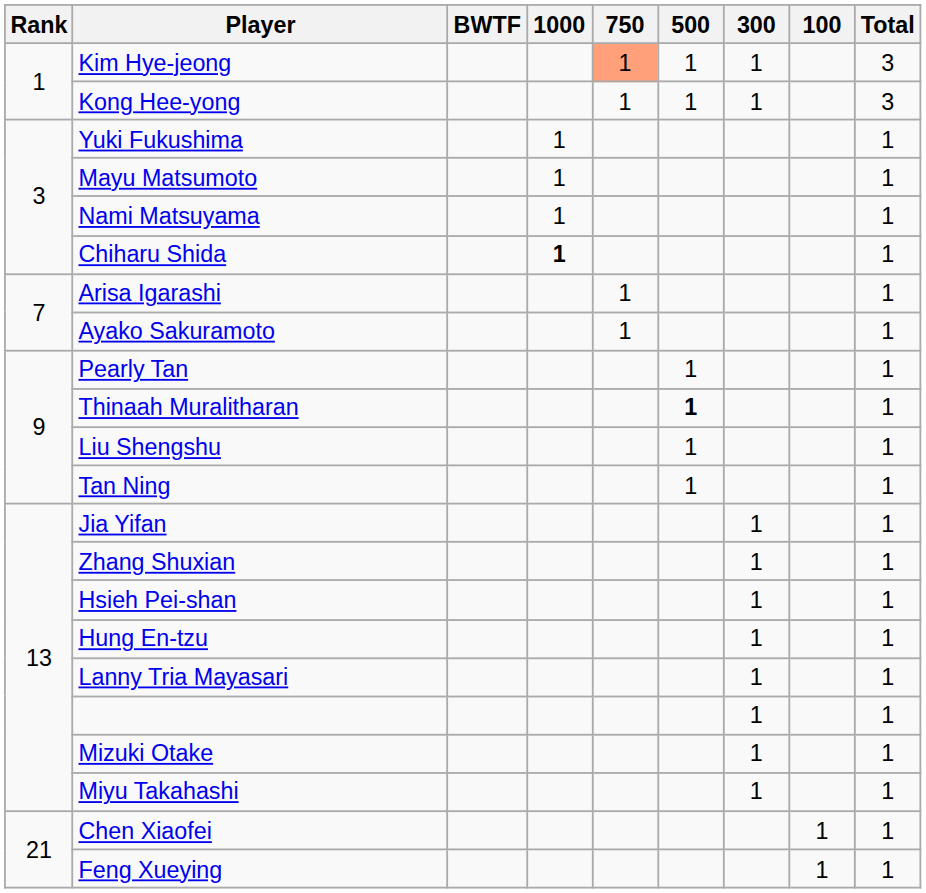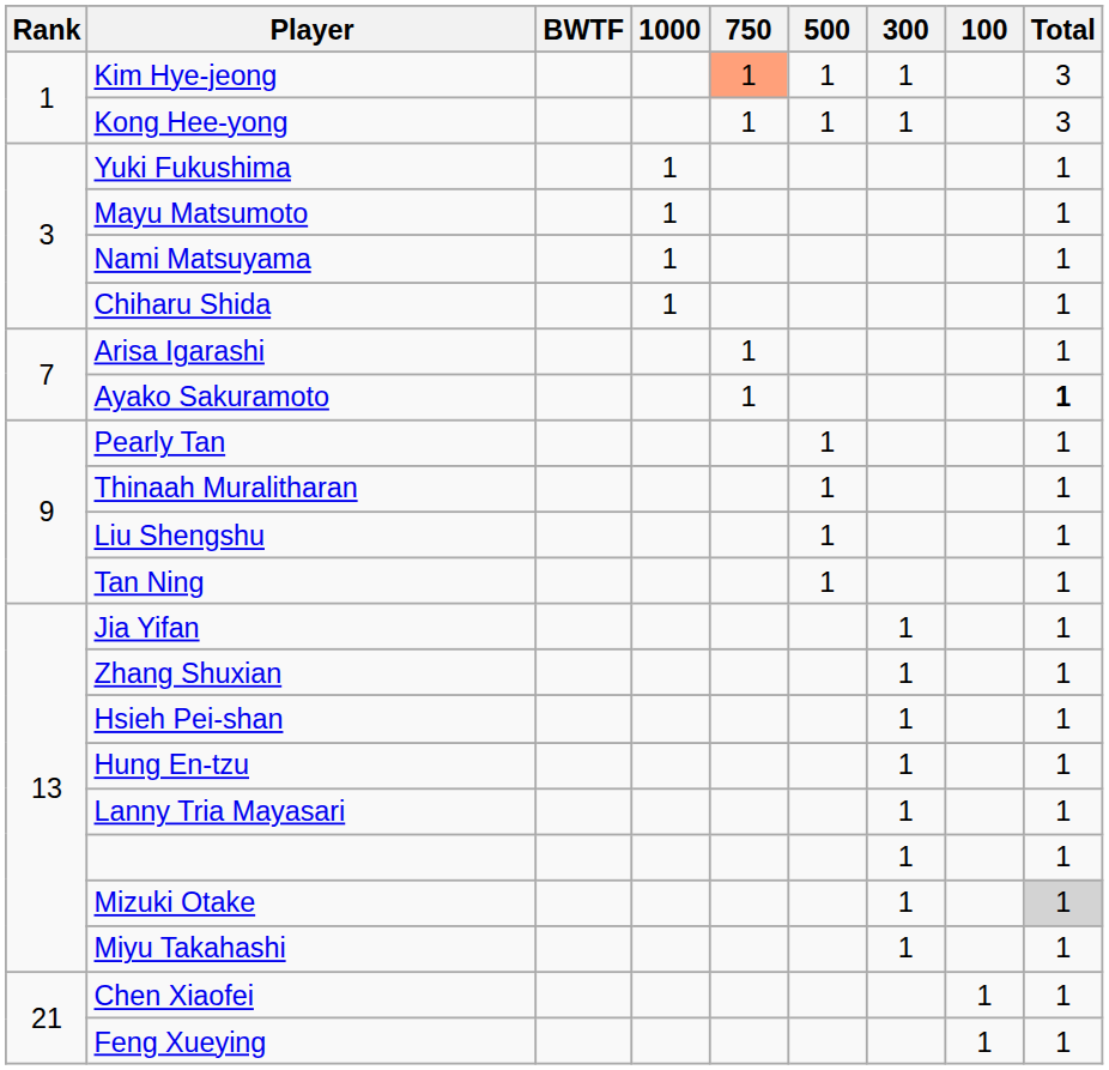 <table class="wikitable" style="font-size:80%; text-align:center">
 <tr>
 <th width="30">Rank</th>
 <th width="200">Player</th>
 <th width="30">BWTF</th>
 <th width="30">1000</th>
 <th width="30">750</th>
 <th width="30">500</th>
 <th width="30">300</th>
 <th width="30">100</th>
 <th width="30">Total</th>
 </tr>
 <tr>
 <td rowspan="2">1</td>
 <td align="left"> <a href='#'>Kim Hye-jeong</a></td>
 <td></td>
 <td></td>
 <td style="background: lightsalmon;">1</td>
 <td>1</td>
 <td>1</td>
 <td></td>
 <td>3</td>
 </tr>
 <tr>
 <td align="left"> <a href='#'>Kong Hee-yong</a></td>
 <td></td>
 <td></td>
 <td>1</td>
 <td>1</td>
 <td>1</td>
 <td></td>
 <td>3</td>
 </tr>
 <tr>
 <td rowspan="4">3</td>
 <td align="left"> <a href='#'>Yuki Fukushima</a></td>
 <td></td>
 <td>1</td>
 <td></td>
 <td></td>
 <td></td>
 <td></td>
 <td>1</td>
 </tr>
 <tr>
 <td align="left"> <a href='#'>Mayu Matsumoto</a></td>
 <td></td>
 <td>1</td>
 <td></td>
 <td></td>
 <td></td>
 <td></td>
 <td>1</td>
 </tr>
 <tr>
 <td align="left"> <a href='#'>Nami Matsuyama</a></td>
 <td></td>
 <td>1</td>
 <td></td>
 <td></td>
 <td></td>
 <td></td>
 <td>1</td>
 </tr>
 <tr>
 <td align="left"> <a href='#'>Chiharu Shida</a></td>
 <td></td>
-<td><strong>1</strong></td>
+<td>1</td>
 <td></td>
 <td></td>
 <td></td>
 <td></td>
 <td>1</td>
 </tr>
 <tr>
 <td rowspan="2">7</td>
 <td align="left"> <a href='#'>Arisa Igarashi</a></td>
 <td></td>
 <td></td>
 <td>1</td>
 <td></td>
 <td></td>
 <td></td>
 <td>1</td>
 </tr>
 <tr>
 <td align="left"> <a href='#'>Ayako Sakuramoto</a></td>
 <td></td>
 <td></td>
 <td>1</td>
 <td></td>
 <td></td>
 <td></td>
-<td>1</td>
+<td><strong>1</strong></td>
 </tr>
 <tr>
 <td rowspan="4">9</td>
 <td align="left"> <a href='#'>Pearly Tan</a></td>
 <td></td>
 <td></td>
 <td></td>
 <td>1</td>
 <td></td>
 <td></td>
 <td>1</td>
 </tr>
 <tr>
 <td align="left"> <a href='#'>Thinaah Muralitharan</a></td>
 <td></td>
 <td></td>
 <td></td>
-<td><strong>1</strong></td>
+<td>1</td>
 <td></td>
 <td></td>
 <td>1</td>
 </tr>
 <tr>
 <td align="left"> <a href='#'>Liu Shengshu</a></td>
 <td></td>
 <td></td>
 <td></td>
 <td>1</td>
 <td></td>
 <td></td>
 <td>1</td>
 </tr>
 <tr>
 <td align="left"> <a href='#'>Tan Ning</a></td>
 <td></td>
 <td></td>
 <td></td>
 <td>1</td>
 <td></td>
 <td></td>
 <td>1</td>
 </tr>
 <tr>
 <td rowspan="8">13</td>
 <td align="left"> <a href='#'>Jia Yifan</a></td>
 <td></td>
 <td></td>
 <td></td>
 <td></td>
 <td>1</td>
 <td></td>
 <td>1</td>
 </tr>
 <tr>
 <td align="left"> <a href='#'>Zhang Shuxian</a></td>
 <td></td>
 <td></td>
 <td></td>
 <td></td>
 <td>1</td>
 <td></td>
 <td>1</td>
 </tr>
 <tr>
 <td align="left"> <a href='#'>Hsieh Pei-shan</a></td>
 <td></td>
 <td></td>
 <td></td>
 <td></td>
 <td>1</td>
 <td></td>
 <td>1</td>
 </tr>
 <tr>
 <td align="left"> <a href='#'>Hung En-tzu</a></td>
 <td></td>
 <td></td>
 <td></td>
 <td></td>
 <td>1</td>
 <td></td>
 <td>1</td>
 </tr>
 <tr>
 <td align="left"> <a href='#'>Lanny Tria Mayasari</a></td>
 <td></td>
 <td></td>
 <td></td>
 <td></td>
 <td>1</td>
 <td></td>
 <td>1</td>
 </tr>
 <tr>
 <td align="left"> </td>
 <td></td>
 <td></td>
 <td></td>
 <td></td>
 <td>1</td>
 <td></td>
 <td>1</td>
 </tr>
 <tr>
 <td align="left"> <a href='#'>Mizuki Otake</a></td>
 <td></td>
 <td></td>
 <td></td>
 <td></td>
 <td>1</td>
 <td></td>
-<td>1</td>
+<td style="background: lightgrey;">1</td>
 </tr>
 <tr>
 <td align="left"> <a href='#'>Miyu Takahashi</a></td>
 <td></td>
 <td></td>
 <td></td>
 <td></td>
 <td>1</td>
 <td></td>
 <td>1</td>
 </tr>
 <tr>
 <td rowspan="2">21</td>
 <td align="left"> <a href='#'>Chen Xiaofei</a></td>
 <td></td>
 <td></td>
 <td></td>
 <td></td>
 <td></td>
 <td>1</td>
 <td>1</td>
 </tr>
 <tr>
 <td align="left"> <a href='#'>Feng Xueying</a></td>
 <td></td>
 <td></td>
 <td></td>
 <td></td>
 <td></td>
 <td>1</td>
 <td>1</td>
 </tr>
 </table>
